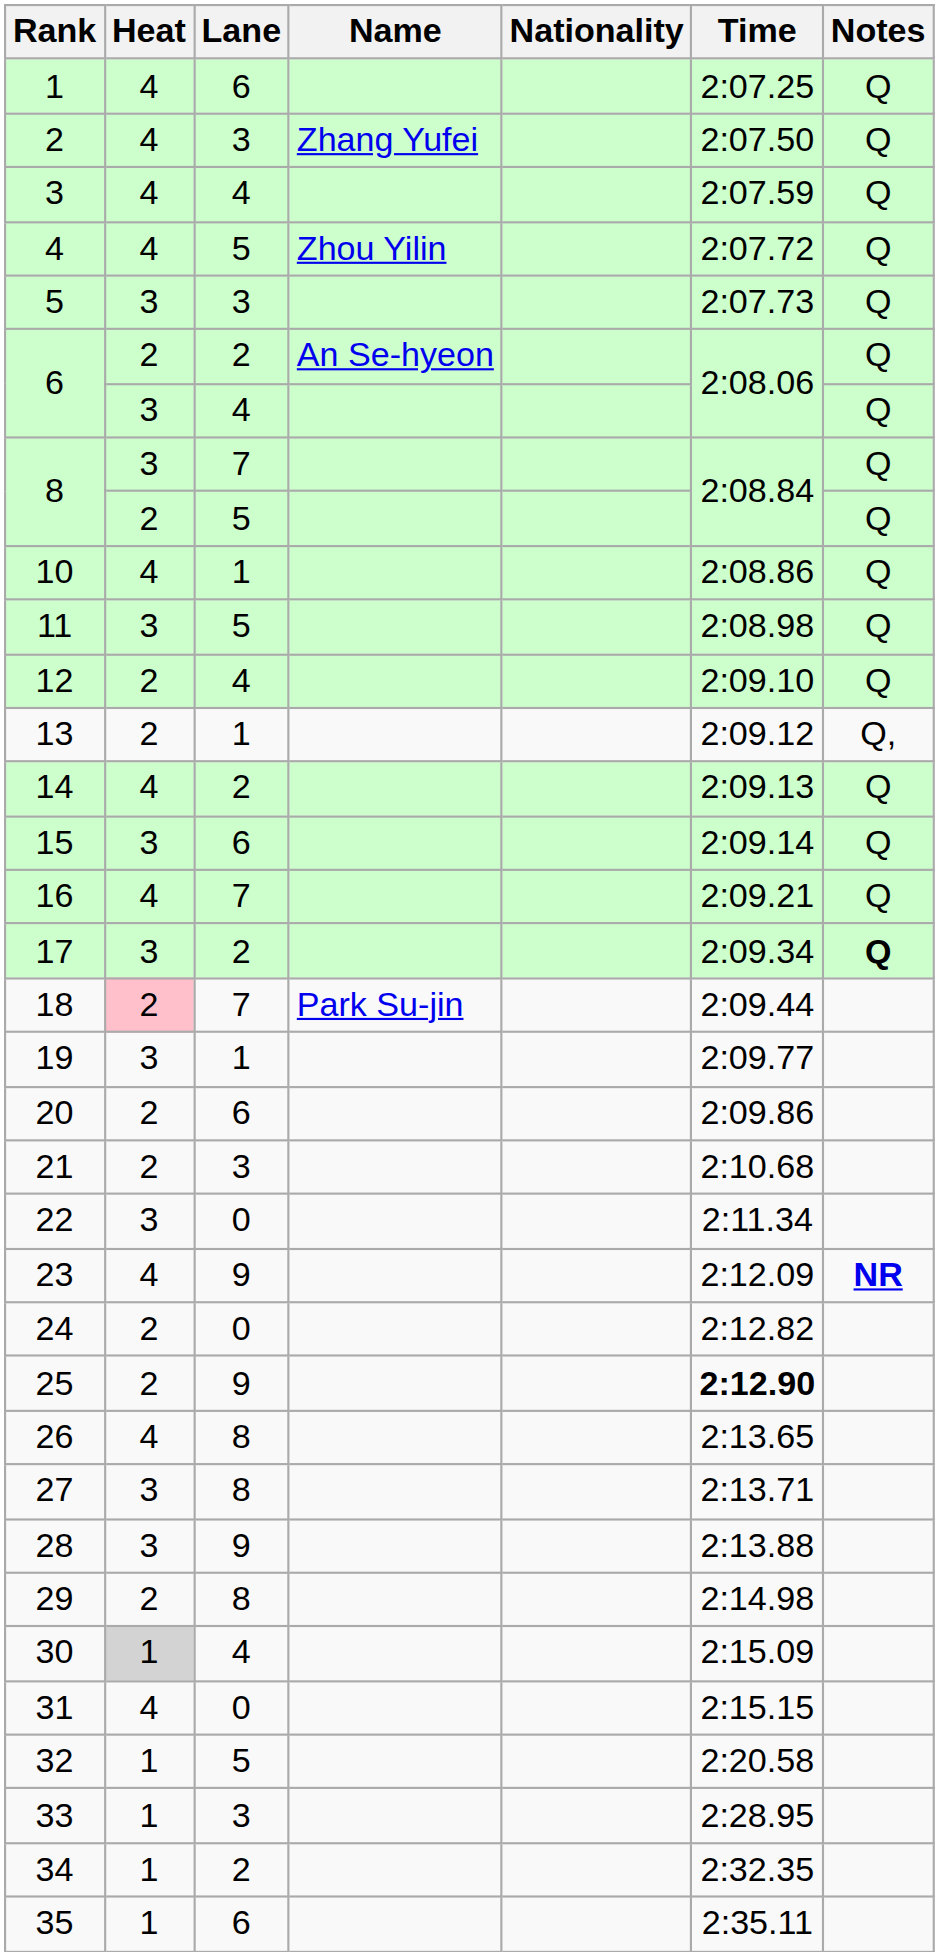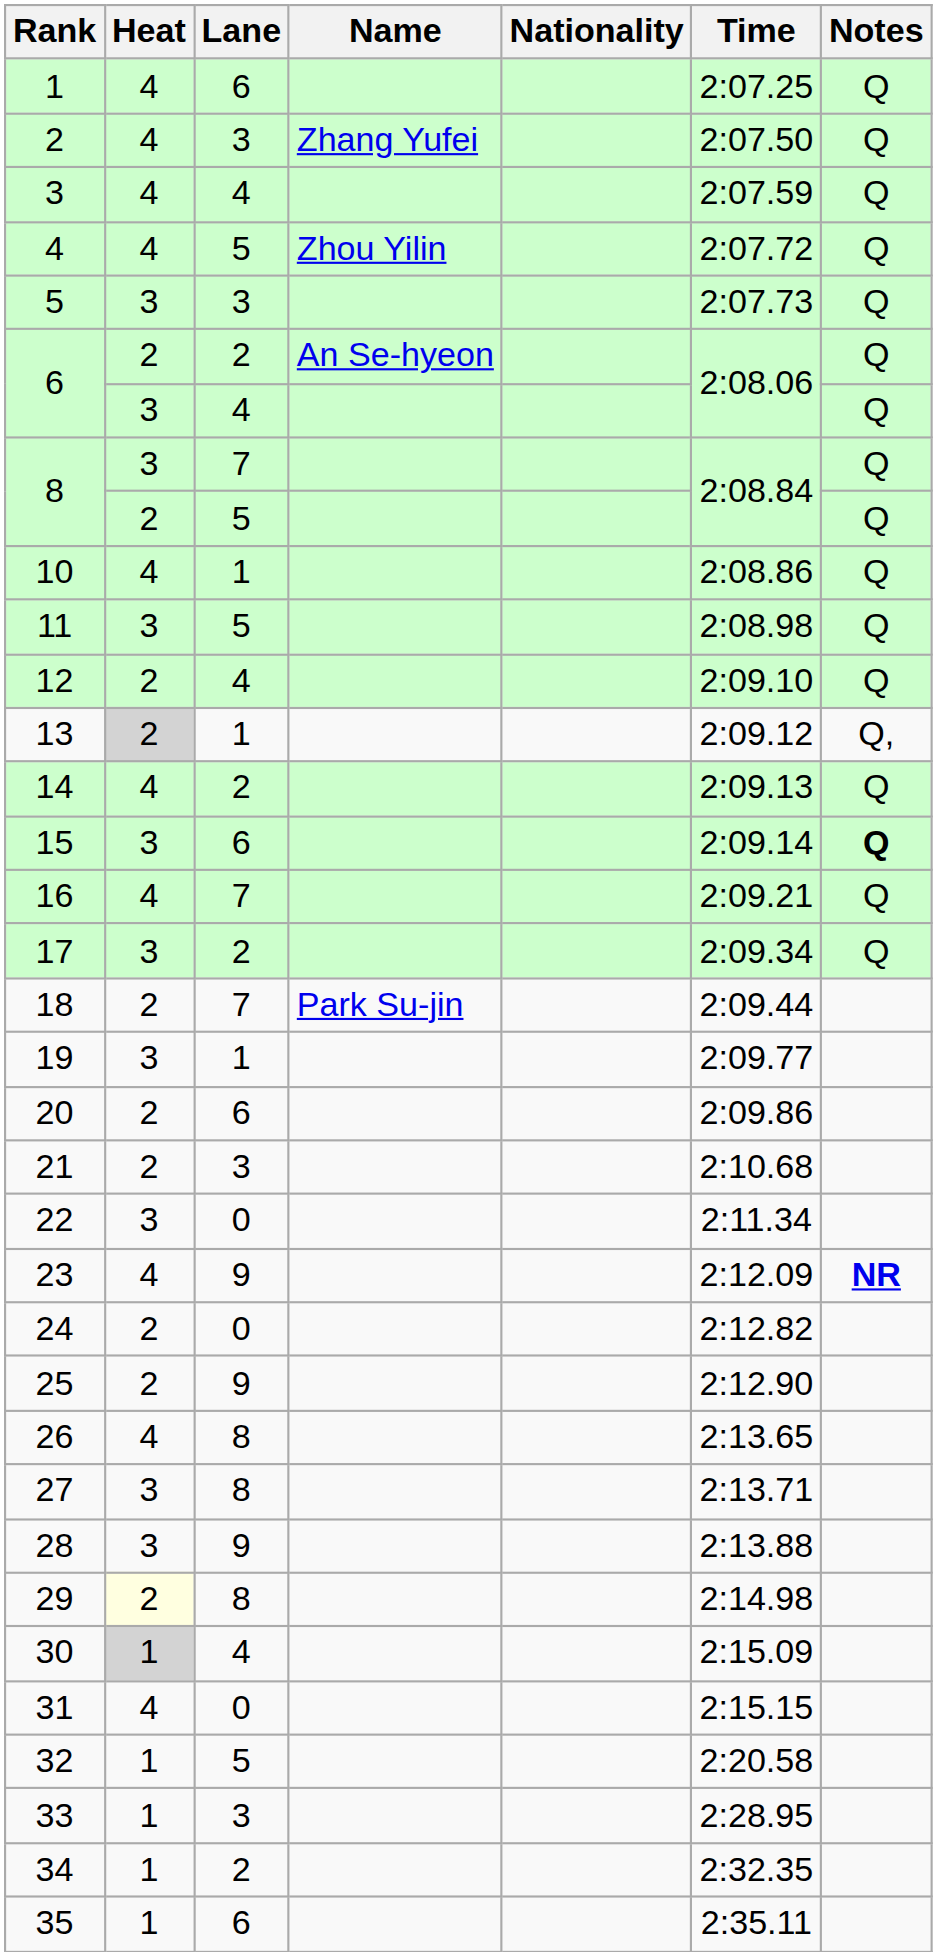 <table class="wikitable sortable" style="text-align:center">
 <tr>
 <th>Rank</th>
 <th>Heat</th>
 <th>Lane</th>
 <th>Name</th>
 <th>Nationality</th>
 <th>Time</th>
 <th>Notes</th>
 </tr>
 <tr bgcolor=ccffcc>
 <td>1</td>
 <td>4</td>
 <td>6</td>
 <td align=left></td>
 <td align=left></td>
 <td>2:07.25</td>
 <td>Q</td>
 </tr>
 <tr bgcolor=ccffcc>
 <td>2</td>
 <td>4</td>
 <td>3</td>
 <td align=left><a href='#'>Zhang Yufei</a></td>
 <td align=left></td>
 <td>2:07.50</td>
 <td>Q</td>
 </tr>
 <tr bgcolor=ccffcc>
 <td>3</td>
 <td>4</td>
 <td>4</td>
 <td align=left></td>
 <td align=left></td>
 <td>2:07.59</td>
 <td>Q</td>
 </tr>
 <tr bgcolor=ccffcc>
 <td>4</td>
 <td>4</td>
 <td>5</td>
 <td align=left><a href='#'>Zhou Yilin</a></td>
 <td align=left></td>
 <td>2:07.72</td>
 <td>Q</td>
 </tr>
 <tr bgcolor=ccffcc>
 <td>5</td>
 <td>3</td>
 <td>3</td>
 <td align=left></td>
 <td align=left></td>
 <td>2:07.73</td>
 <td>Q</td>
 </tr>
 <tr bgcolor=ccffcc>
 <td rowspan=2>6</td>
 <td>2</td>
 <td>2</td>
 <td align=left><a href='#'>An Se-hyeon</a></td>
 <td align=left></td>
 <td rowspan=2>2:08.06</td>
 <td>Q</td>
 </tr>
 <tr bgcolor=ccffcc>
 <td>3</td>
 <td>4</td>
 <td align=left></td>
 <td align=left></td>
 <td>Q</td>
 </tr>
 <tr bgcolor=ccffcc>
 <td rowspan=2>8</td>
 <td>3</td>
 <td>7</td>
 <td align=left></td>
 <td align=left></td>
 <td rowspan=2>2:08.84</td>
 <td>Q</td>
 </tr>
 <tr bgcolor=ccffcc>
 <td>2</td>
 <td>5</td>
 <td align=left></td>
 <td align=left></td>
 <td>Q</td>
 </tr>
 <tr bgcolor=ccffcc>
 <td>10</td>
 <td>4</td>
 <td>1</td>
 <td align=left></td>
 <td align=left></td>
 <td>2:08.86</td>
 <td>Q</td>
 </tr>
 <tr bgcolor=ccffcc>
 <td>11</td>
 <td>3</td>
 <td>5</td>
 <td align=left></td>
 <td align=left></td>
 <td>2:08.98</td>
 <td>Q</td>
 </tr>
 <tr bgcolor=ccffcc>
 <td>12</td>
 <td>2</td>
 <td>4</td>
 <td align=left></td>
 <td align=left></td>
 <td>2:09.10</td>
 <td>Q</td>
 </tr>
 <tr>
 <td>13</td>
-<td>2</td>
+<td style="background: lightgrey;">2</td>
 <td>1</td>
 <td align=left></td>
 <td align=left></td>
 <td>2:09.12</td>
 <td>Q, </td>
 </tr>
 <tr bgcolor=ccffcc>
 <td>14</td>
 <td>4</td>
 <td>2</td>
 <td align=left></td>
 <td align=left></td>
 <td>2:09.13</td>
 <td>Q</td>
 </tr>
 <tr bgcolor=ccffcc>
 <td>15</td>
 <td>3</td>
 <td>6</td>
 <td align=left></td>
 <td align=left></td>
 <td>2:09.14</td>
-<td>Q</td>
+<td><strong>Q</strong></td>
 </tr>
 <tr bgcolor=ccffcc>
 <td>16</td>
 <td>4</td>
 <td>7</td>
 <td align=left></td>
 <td align=left></td>
 <td>2:09.21</td>
 <td>Q</td>
 </tr>
 <tr bgcolor=ccffcc>
 <td>17</td>
 <td>3</td>
 <td>2</td>
 <td align=left></td>
 <td align=left></td>
 <td>2:09.34</td>
-<td><strong>Q</strong></td>
+<td>Q</td>
 </tr>
 <tr>
 <td>18</td>
-<td style="background: pink;">2</td>
+<td>2</td>
 <td>7</td>
 <td align=left><a href='#'>Park Su-jin</a></td>
 <td align=left></td>
 <td>2:09.44</td>
 <td></td>
 </tr>
 <tr>
 <td>19</td>
 <td>3</td>
 <td>1</td>
 <td align=left></td>
 <td align=left></td>
 <td>2:09.77</td>
 <td></td>
 </tr>
 <tr>
 <td>20</td>
 <td>2</td>
 <td>6</td>
 <td align=left></td>
 <td align=left></td>
 <td>2:09.86</td>
 <td></td>
 </tr>
 <tr>
 <td>21</td>
 <td>2</td>
 <td>3</td>
 <td align=left></td>
 <td align=left></td>
 <td>2:10.68</td>
 <td></td>
 </tr>
 <tr>
 <td>22</td>
 <td>3</td>
 <td>0</td>
 <td align=left></td>
 <td align=left></td>
 <td>2:11.34</td>
 <td></td>
 </tr>
 <tr>
 <td>23</td>
 <td>4</td>
 <td>9</td>
 <td align=left></td>
 <td align=left></td>
 <td>2:12.09</td>
 <td><strong><a href='#'>NR</a></strong></td>
 </tr>
 <tr>
 <td>24</td>
 <td>2</td>
 <td>0</td>
 <td align=left></td>
 <td align=left></td>
 <td>2:12.82</td>
 <td></td>
 </tr>
 <tr>
 <td>25</td>
 <td>2</td>
 <td>9</td>
 <td align=left></td>
 <td align=left></td>
-<td><strong>2:12.90</strong></td>
+<td>2:12.90</td>
 <td></td>
 </tr>
 <tr>
 <td>26</td>
 <td>4</td>
 <td>8</td>
 <td align=left></td>
 <td align=left></td>
 <td>2:13.65</td>
 <td></td>
 </tr>
 <tr>
 <td>27</td>
 <td>3</td>
 <td>8</td>
 <td align=left></td>
 <td align=left></td>
 <td>2:13.71</td>
 <td></td>
 </tr>
 <tr>
 <td>28</td>
 <td>3</td>
 <td>9</td>
 <td align=left></td>
 <td align=left></td>
 <td>2:13.88</td>
 <td></td>
 </tr>
 <tr>
 <td>29</td>
-<td>2</td>
+<td style="background: lightyellow;">2</td>
 <td>8</td>
 <td align=left></td>
 <td align=left></td>
 <td>2:14.98</td>
 <td></td>
 </tr>
 <tr>
 <td>30</td>
 <td style="background: lightgrey;">1</td>
 <td>4</td>
 <td align=left></td>
 <td align=left></td>
 <td>2:15.09</td>
 <td></td>
 </tr>
 <tr>
 <td>31</td>
 <td>4</td>
 <td>0</td>
 <td align=left></td>
 <td align=left></td>
 <td>2:15.15</td>
 <td></td>
 </tr>
 <tr>
 <td>32</td>
 <td>1</td>
 <td>5</td>
 <td align=left></td>
 <td align=left></td>
 <td>2:20.58</td>
 <td></td>
 </tr>
 <tr>
 <td>33</td>
 <td>1</td>
 <td>3</td>
 <td align=left></td>
 <td align=left></td>
 <td>2:28.95</td>
 <td></td>
 </tr>
 <tr>
 <td>34</td>
 <td>1</td>
 <td>2</td>
 <td align=left></td>
 <td align=left></td>
 <td>2:32.35</td>
 <td></td>
 </tr>
 <tr>
 <td>35</td>
 <td>1</td>
 <td>6</td>
 <td align=left></td>
 <td align=left></td>
 <td>2:35.11</td>
 <td></td>
 </tr>
 </table>
